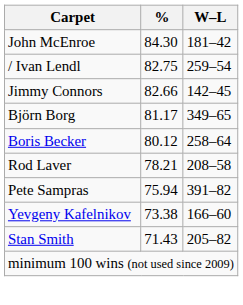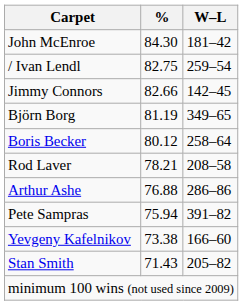 <table class=wikitable style="display:inline-table; font-size: 95%;">
 <tr>
 <th>Carpet</th>
 <th>%</th>
 <th>W–L </th>
 </tr>
 <tr>
 <td> John McEnroe</td>
 <td>84.30</td>
 <td>181–42</td>
 </tr>
 <tr>
 <td>/ Ivan Lendl</td>
 <td>82.75</td>
 <td>259–54</td>
 </tr>
 <tr>
 <td> Jimmy Connors</td>
 <td>82.66</td>
 <td>142–45</td>
 </tr>
 <tr>
 <td> Björn Borg</td>
-<td>81.17</td>
+<td>81.19</td>
 <td>349–65</td>
 </tr>
 <tr>
 <td> <a href='#'>Boris Becker</a></td>
 <td>80.12</td>
 <td>258–64</td>
 </tr>
 <tr>
 <td> Rod Laver</td>
 <td>78.21</td>
 <td>208–58</td>
+</tr>
+<tr>
+<td> <a href='#'>Arthur Ashe</a></td>
+<td>76.88</td>
+<td>286–86</td>
 </tr>
 <tr>
 <td> Pete Sampras</td>
 <td>75.94</td>
 <td>391–82</td>
 </tr>
 <tr>
 <td> <a href='#'>Yevgeny Kafelnikov</a></td>
 <td>73.38</td>
 <td>166–60</td>
 </tr>
 <tr>
 <td> <a href='#'>Stan Smith</a></td>
 <td>71.43</td>
 <td>205–82</td>
 </tr>
 <tr>
 <td style="text-align:center;" colspan="3">minimum 100 wins <small>(not used since 2009)</small></td>
 </tr>
 </table>
